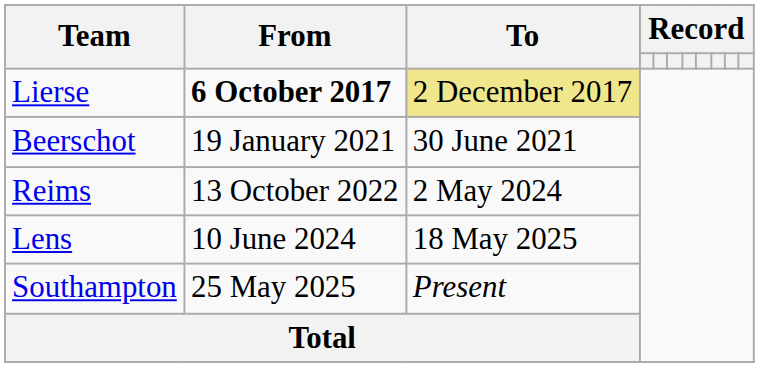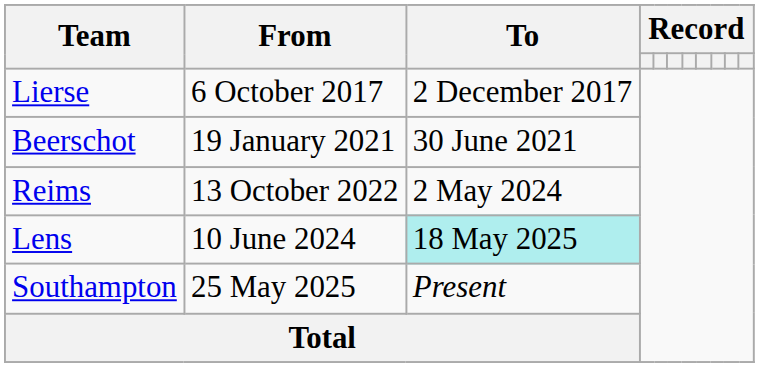 <table class="wikitable" style="text-align: center;">
 <tr>
 <th rowspan="2">Team</th>
 <th rowspan="2">From</th>
 <th rowspan="2">To</th>
 <th colspan="8">Record</th>
 </tr>
 <tr>
 <th></th>
 <th></th>
 <th></th>
 <th></th>
 <th></th>
 <th></th>
 <th></th>
 <th></th>
 </tr>
 <tr>
 <td align=left><a href='#'>Lierse</a></td>
-<td align=left><strong>6 October 2017</strong></td>
-<td align=left style="background: khaki;">2 December 2017<br></td>
+<td align=left>6 October 2017</td>
+<td align=left>2 December 2017<br></td>
 </tr>
 <tr>
 <td align=left><a href='#'>Beerschot</a></td>
 <td align=left>19 January 2021</td>
 <td align=left>30 June 2021<br></td>
 </tr>
 <tr>
 <td align=left><a href='#'>Reims</a></td>
 <td align=left>13 October 2022</td>
 <td align=left>2 May 2024<br></td>
 </tr>
 <tr>
 <td align=left><a href='#'>Lens</a></td>
 <td align=left>10 June 2024</td>
-<td align=left>18 May 2025<br></td>
+<td align=left style="background: paleturquoise;">18 May 2025<br></td>
 </tr>
 <tr>
 <td align=left><a href='#'>Southampton</a></td>
 <td align=left>25 May 2025</td>
 <td align=left><em>Present</em><br></td>
 </tr>
 <tr>
 <th colspan="3">Total<br></th>
 </tr>
 </table>
